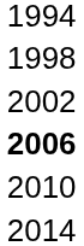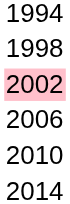 <table>
 <tr>
 <td>1994</td>
 <td></td>
 <td></td>
 <td></td>
 </tr>
 <tr>
 <td>1998</td>
 <td></td>
 <td></td>
 <td></td>
 </tr>
 <tr>
-<td>2002</td>
+<td style="background: pink;">2002</td>
 <td></td>
 <td></td>
 <td></td>
 </tr>
 <tr>
-<td><strong>2006</strong></td>
+<td>2006</td>
 <td></td>
 <td></td>
 <td></td>
 </tr>
 <tr>
 <td>2010<br></td>
 <td></td>
 <td></td>
 <td></td>
 </tr>
 <tr>
 <td>2014<br></td>
 <td></td>
 <td></td>
 <td></td>
 </tr>
 </table>
